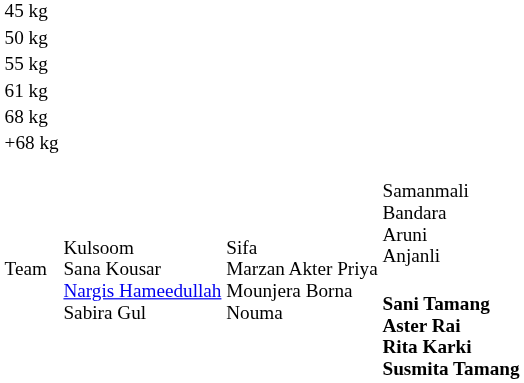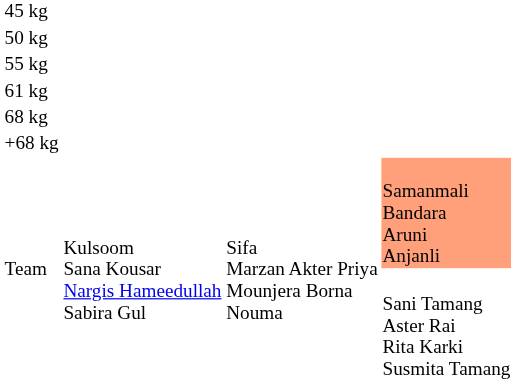 <table>
 <tr>
 <td rowspan=2>45 kg</td>
 <td rowspan=2></td>
 <td rowspan=2></td>
 <td></td>
 </tr>
 <tr>
 <td></td>
 </tr>
 <tr>
 <td rowspan=2>50 kg</td>
 <td rowspan=2></td>
 <td rowspan=2></td>
 <td></td>
 </tr>
 <tr>
 <td></td>
 </tr>
 <tr>
 <td rowspan=2>55 kg</td>
 <td rowspan=2></td>
 <td rowspan=2></td>
 <td></td>
 </tr>
 <tr>
 <td></td>
 </tr>
 <tr>
 <td rowspan=2>61 kg</td>
 <td rowspan=2></td>
 <td rowspan=2></td>
 <td></td>
 </tr>
 <tr>
 <td></td>
 </tr>
 <tr>
 <td rowspan=2>68 kg</td>
 <td rowspan=2></td>
 <td rowspan=2></td>
 <td></td>
 </tr>
 <tr>
 <td></td>
 </tr>
 <tr>
 <td rowspan=2>+68 kg</td>
 <td rowspan=2></td>
 <td rowspan=2></td>
 <td></td>
 </tr>
 <tr>
 <td></td>
 </tr>
 <tr>
 <td rowspan=2>Team</td>
 <td rowspan=2><br>Kulsoom<br>Sana Kousar<br><a href='#'>Nargis Hameedullah</a><br>Sabira Gul</td>
 <td rowspan=2><br>Sifa<br>Marzan Akter Priya<br>Mounjera Borna<br>Nouma</td>
-<td><br>Samanmali<br>Bandara<br>Aruni<br>Anjanli</td>
+<td style="background: lightsalmon;"><br>Samanmali<br>Bandara<br>Aruni<br>Anjanli</td>
 </tr>
 <tr>
-<td><strong><br>Sani Tamang<br>Aster Rai<br>Rita Karki<br>Susmita Tamang</strong></td>
+<td><br>Sani Tamang<br>Aster Rai<br>Rita Karki<br>Susmita Tamang</td>
 </tr>
 </table>
